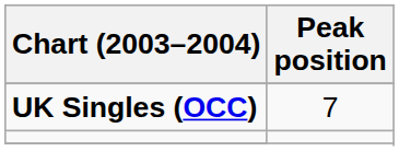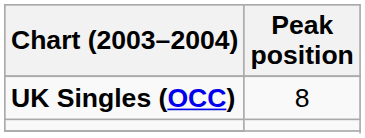 <table class="wikitable sortable">
 <tr>
 <th>Chart (2003–2004)</th>
 <th>Peak<br>position</th>
 </tr>
 <tr>
 </tr>
 <tr>
 </tr>
 <tr>
 </tr>
 <tr>
 </tr>
 <tr>
 </tr>
 <tr>
 <td align="left"><strong>UK Singles (<a href='#'>OCC</a>)</strong></td>
-<td align="center">7</td>
+<td align="center">8</td>
 </tr>
 <tr>
 <td></td>
 </tr>
 <tr>
 </tr>
 </table>
